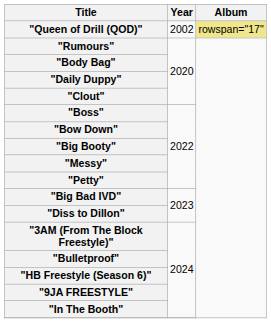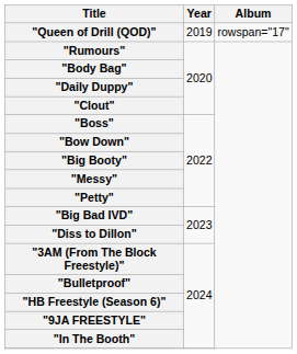 <table class="wikitable plainrowheaders" style="text-align:center;">
 <tr>
 <th scope="col" style="width:15em;">Title</th>
 <th scope="col">Year</th>
 <th scope="col">Album</th>
 </tr>
 <tr>
 <th scope="row">"Queen of Drill (QOD)"</th>
-<td>2002</td>
-<td style="background: khaki;">rowspan="17" </td>
+<td>2019</td>
+<td>rowspan="17" </td>
 </tr>
 <tr>
 <th scope="row">"Rumours"</th>
 <td rowspan="4">2020</td>
 </tr>
 <tr>
 <th scope="row">"Body Bag"</th>
 </tr>
 <tr>
 <th scope="row">"Daily Duppy"</th>
 </tr>
 <tr>
 <th scope="row">"Clout"</th>
 </tr>
 <tr>
 <th scope="row">"Boss"</th>
 <td rowspan="5">2022</td>
 </tr>
 <tr>
 <th scope="row">"Bow Down"</th>
 </tr>
 <tr>
 <th scope="row">"Big Booty"</th>
 </tr>
 <tr>
 <th scope="row">"Messy"</th>
 </tr>
 <tr>
 <th scope="row">"Petty"</th>
 </tr>
 <tr>
 <th scope="row">"Big Bad IVD"</th>
 <td rowspan="2">2023</td>
 </tr>
 <tr>
 <th scope="row">"Diss to Dillon"</th>
 </tr>
 <tr>
 <th scope="row">"3AM (From The Block Freestyle)"</th>
 <td rowspan="5">2024</td>
 </tr>
 <tr>
 <th scope="row">"Bulletproof"</th>
 </tr>
 <tr>
 <th scope="row">"HB Freestyle (Season 6)"</th>
 </tr>
 <tr>
 <th scope="row">"9JA FREESTYLE"</th>
 </tr>
 <tr>
 <th scope="row">"In The Booth"</th>
 </tr>
 <tr>
 </tr>
 </table>
